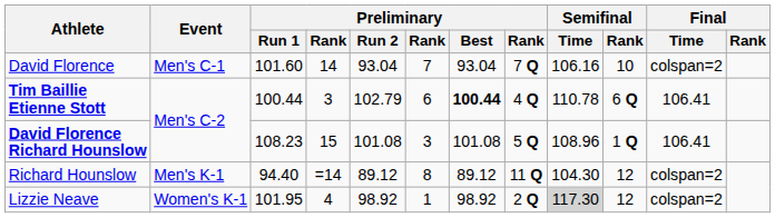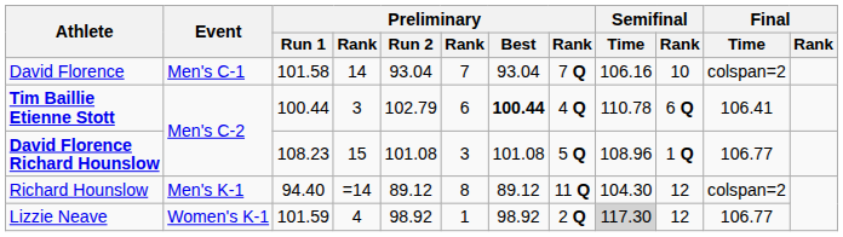 <table class="wikitable" style="font-size:90%;">
 <tr>
 <th rowspan="2">Athlete</th>
 <th rowspan="2">Event</th>
 <th colspan="6">Preliminary</th>
 <th colspan="2">Semifinal</th>
 <th colspan="2">Final</th>
 </tr>
 <tr style="font-size:95%">
 <th>Run 1</th>
 <th>Rank</th>
 <th>Run 2</th>
 <th>Rank</th>
 <th>Best</th>
 <th>Rank</th>
 <th>Time</th>
 <th>Rank</th>
 <th>Time</th>
 <th>Rank</th>
 </tr>
 <tr align=center>
 <td align=left><a href='#'>David Florence</a></td>
 <td align=left><a href='#'>Men's C-1</a></td>
-<td>101.60</td>
+<td>101.58</td>
 <td>14</td>
 <td>93.04</td>
 <td>7</td>
 <td>93.04</td>
 <td>7 <strong>Q</strong></td>
 <td>106.16</td>
 <td>10</td>
 <td>colspan=2 </td>
 </tr>
 <tr align=center>
 <td align=left><strong><a href='#'>Tim Baillie</a><br><a href='#'>Etienne Stott</a></strong></td>
 <td style="text-align:left;" rowspan="2"><a href='#'>Men's C-2</a></td>
 <td>100.44</td>
 <td>3</td>
 <td>102.79</td>
 <td>6</td>
 <td><strong>100.44</strong></td>
 <td>4 <strong>Q</strong></td>
 <td>110.78</td>
 <td>6 <strong>Q</strong></td>
 <td>106.41</td>
 <td></td>
 </tr>
 <tr align=center>
 <td align=left><strong><a href='#'>David Florence</a><br><a href='#'>Richard Hounslow</a></strong></td>
 <td>108.23</td>
 <td>15</td>
 <td>101.08</td>
 <td>3</td>
 <td>101.08</td>
 <td>5 <strong>Q</strong></td>
 <td>108.96</td>
 <td>1 <strong>Q</strong></td>
-<td>106.41</td>
+<td>106.77</td>
 <td></td>
 </tr>
 <tr align=center>
 <td align=left><a href='#'>Richard Hounslow</a></td>
 <td align=left><a href='#'>Men's K-1</a></td>
 <td>94.40</td>
 <td>=14</td>
 <td>89.12</td>
 <td>8</td>
 <td>89.12</td>
 <td>11 <strong>Q</strong></td>
 <td>104.30</td>
 <td>12</td>
 <td>colspan=2 </td>
 </tr>
 <tr align=center>
 <td align=left><a href='#'>Lizzie Neave</a></td>
 <td align=left><a href='#'>Women's K-1</a></td>
-<td>101.95</td>
+<td>101.59</td>
 <td>4</td>
 <td>98.92</td>
 <td>1</td>
 <td>98.92</td>
 <td>2 <strong>Q</strong></td>
 <td style="background: lightgrey;">117.30</td>
 <td>12</td>
-<td>colspan=2 </td>
+<td>106.77</td>
 </tr>
 </table>
